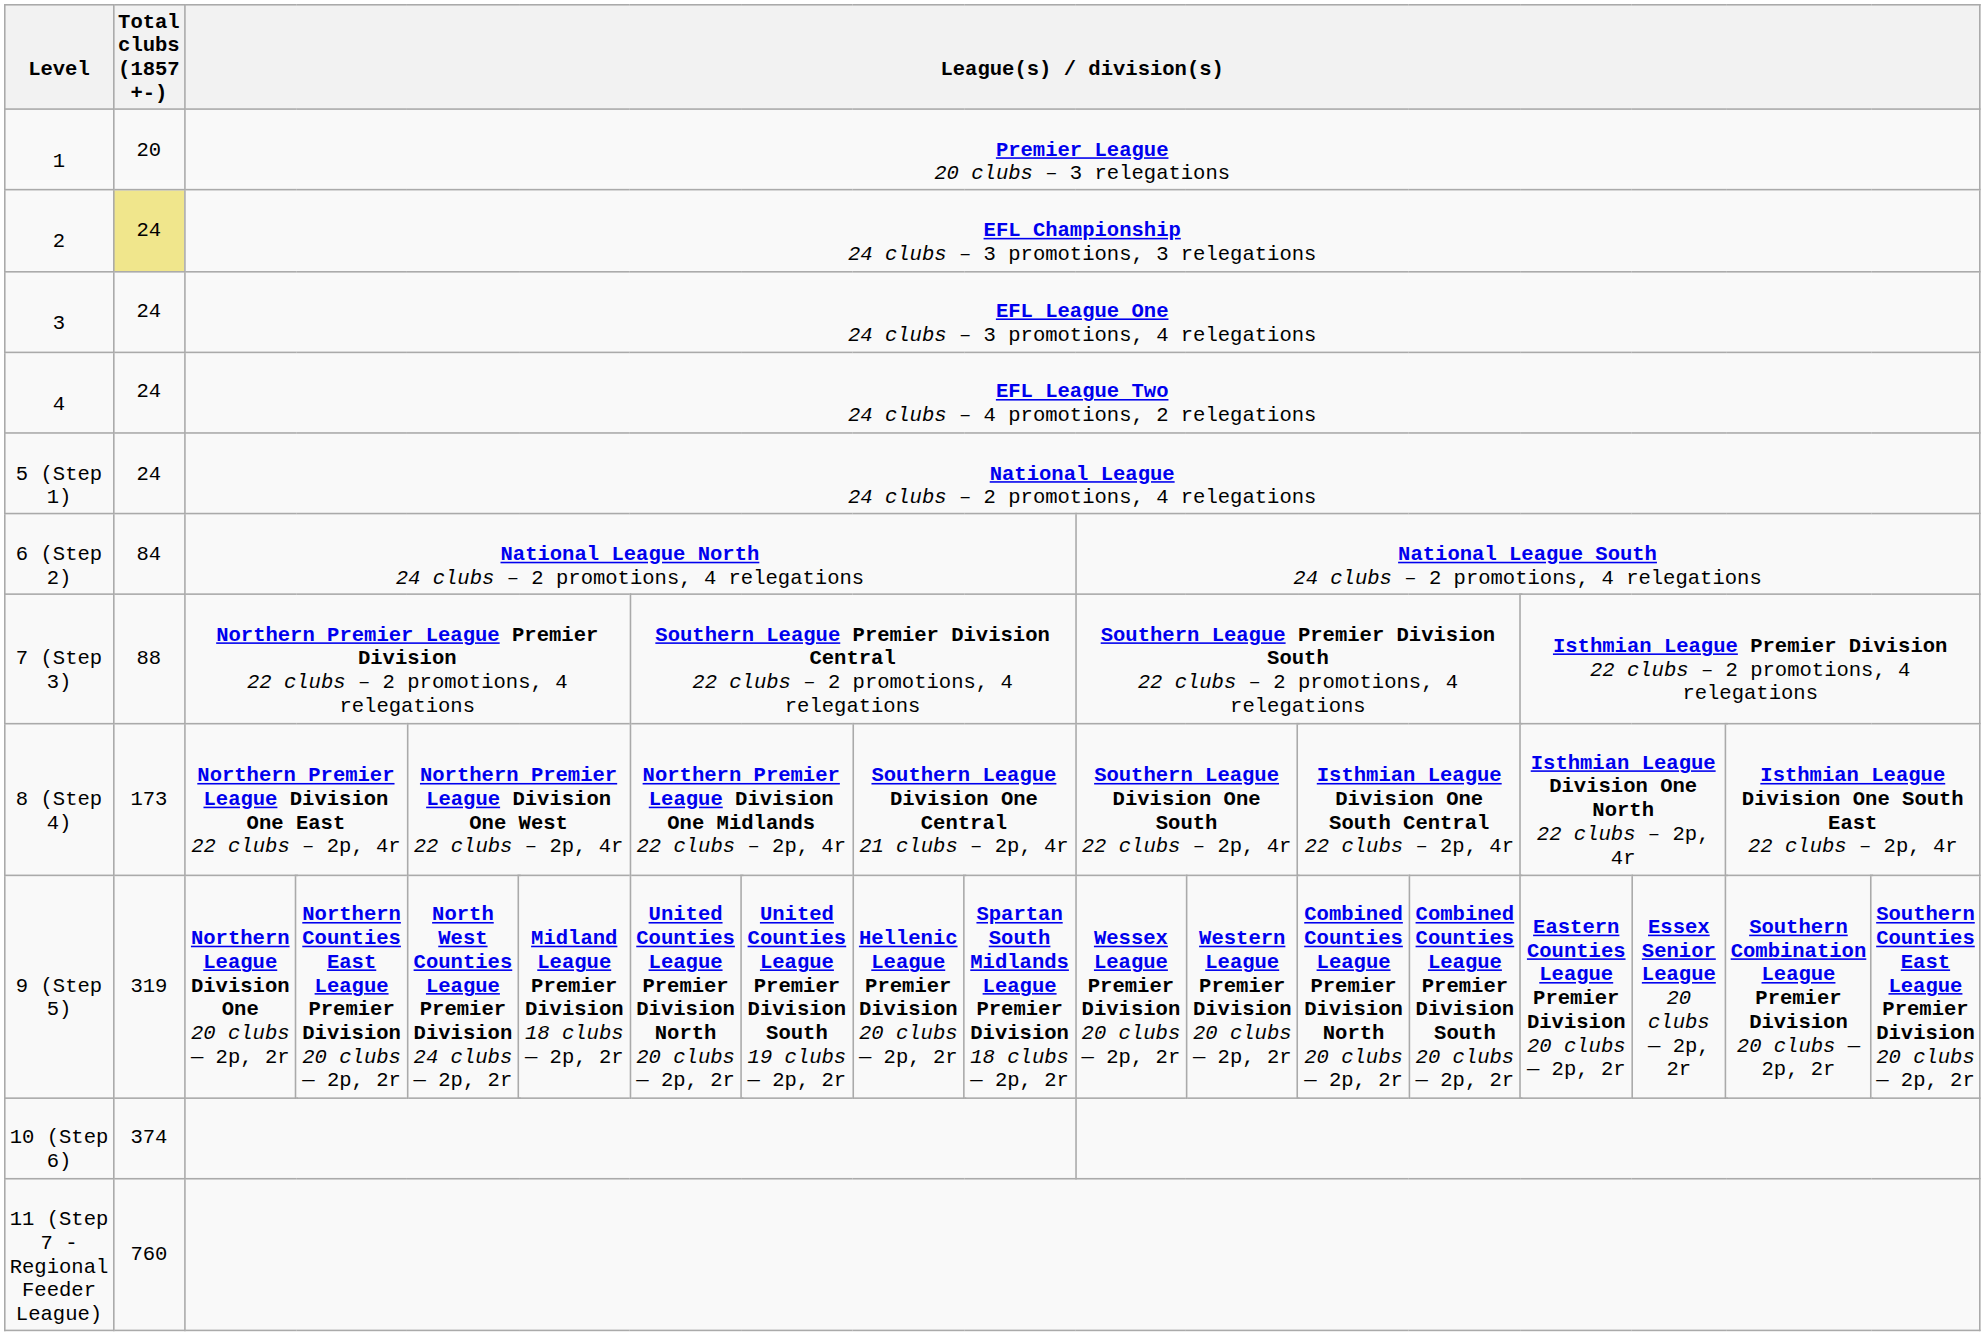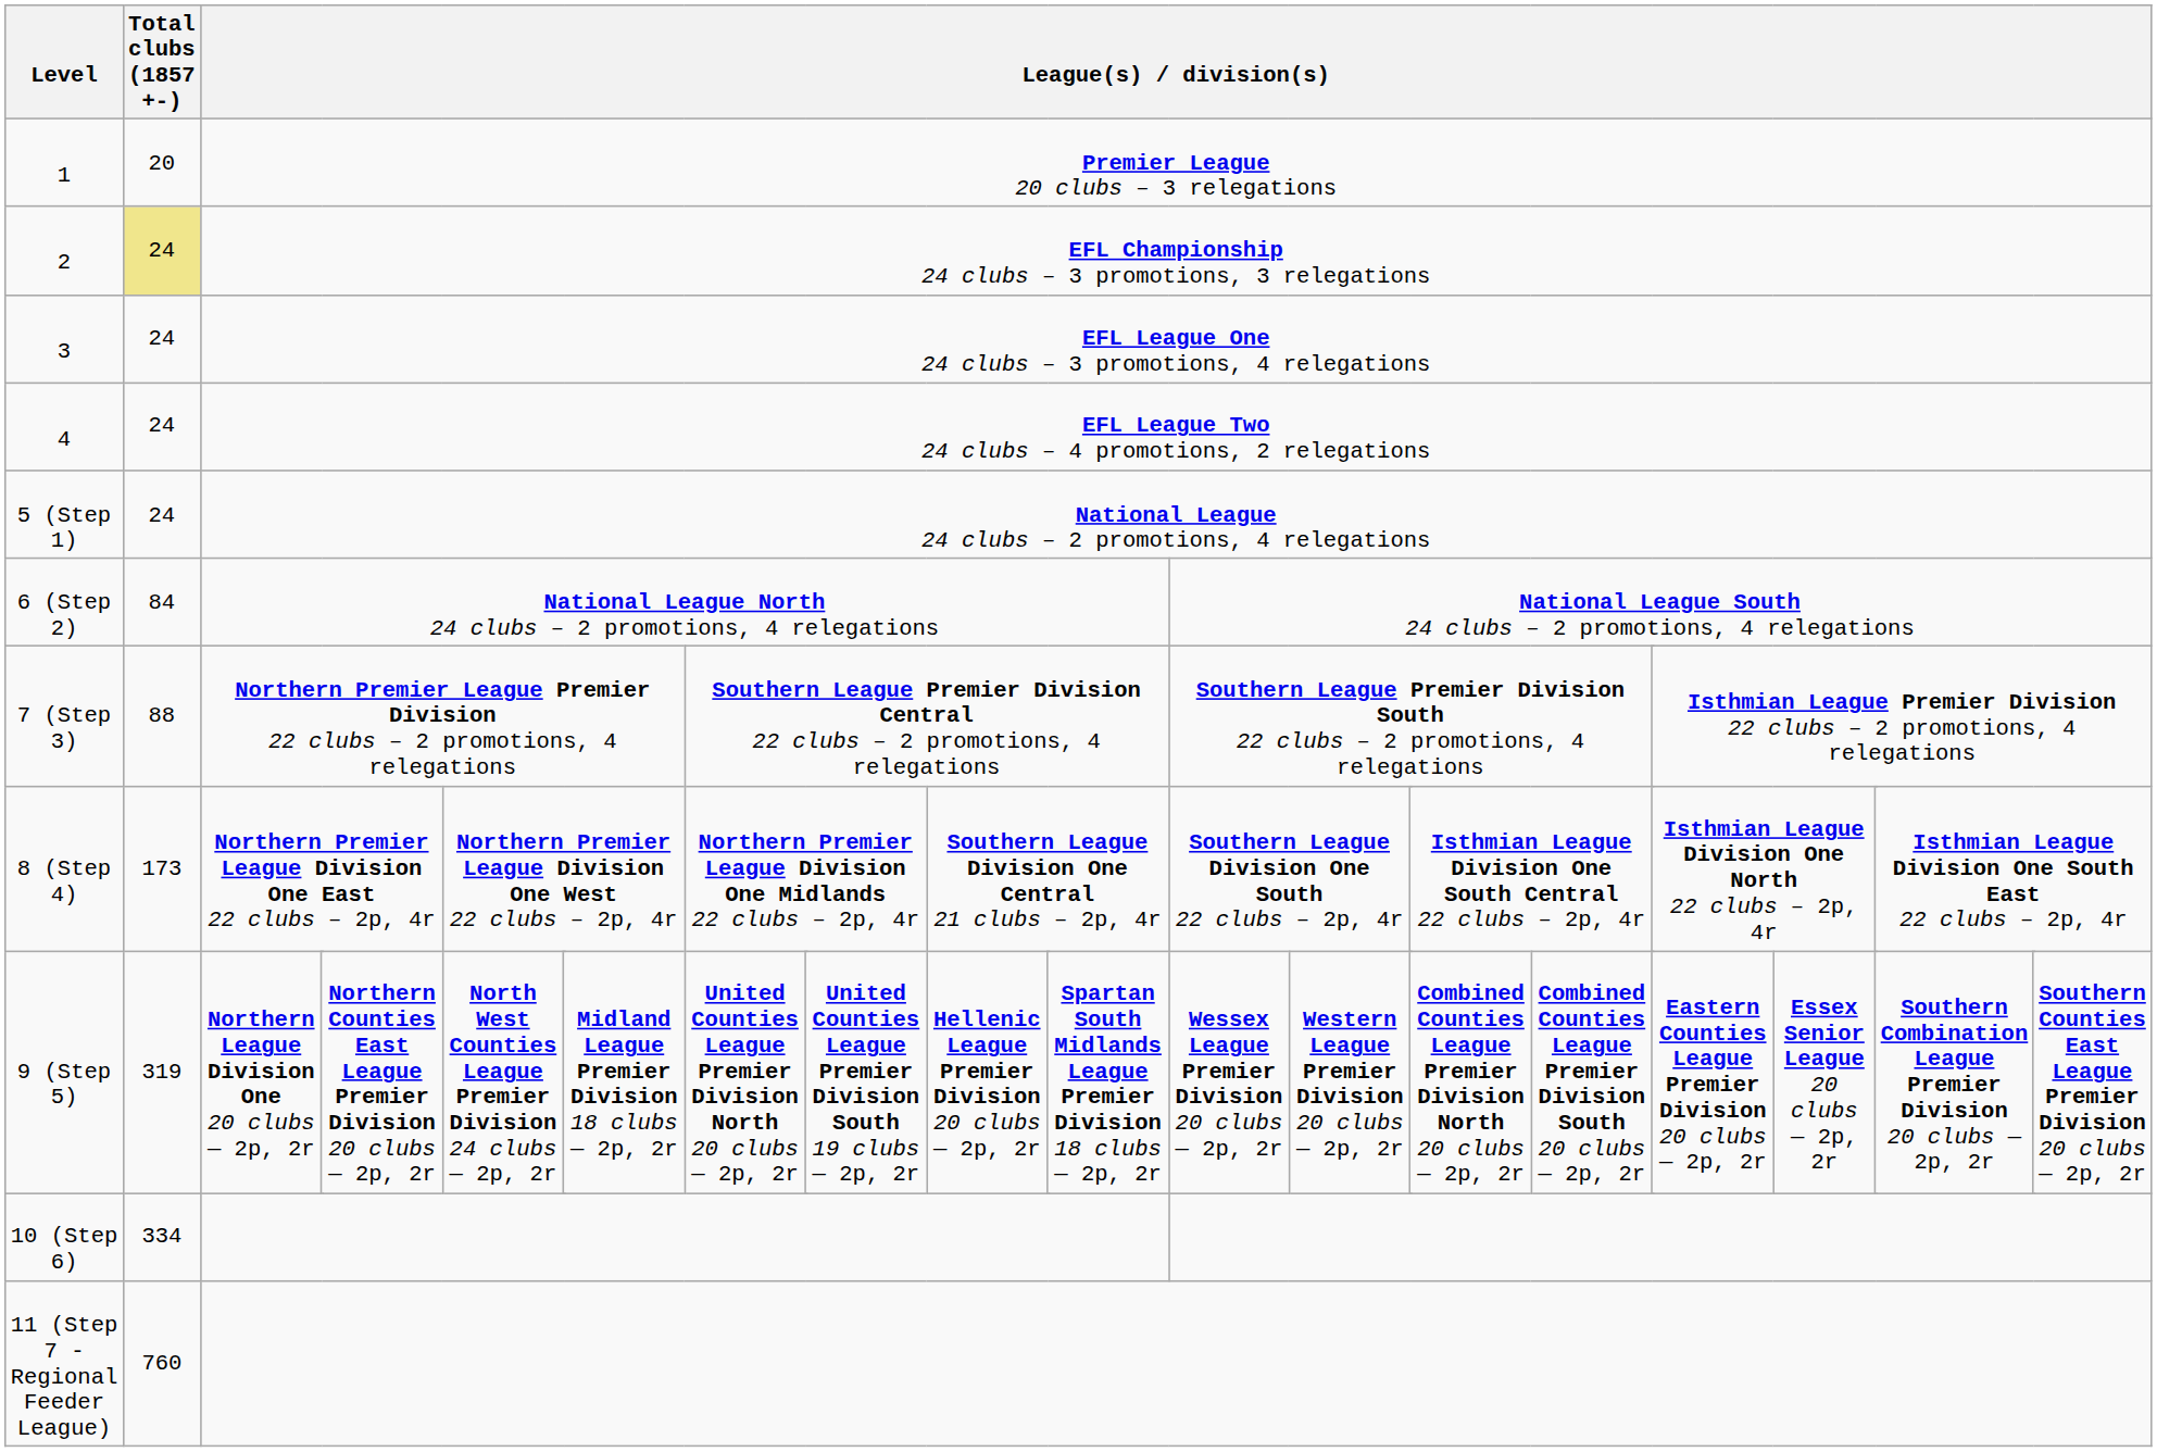 <table class="wikitable" style="text-align: center;">
 <tr>
 <th width=5%><br>Level</th>
 <th>Total clubs (1857 +-)</th>
 <th colspan="32" width=95%><br>League(s) / division(s)</th>
 </tr>
 <tr>
 <td><br>1</td>
 <td>20</td>
 <td colspan="32"><br><strong><a href='#'>Premier League</a></strong><br> <em>20 clubs</em> – 3 relegations</td>
 </tr>
 <tr>
 <td><br>2</td>
 <td style="background: khaki;">24</td>
 <td colspan="32"><br><strong><a href='#'>EFL Championship</a></strong><br> <em>24 clubs</em> – 3 promotions, 3 relegations</td>
 </tr>
 <tr>
 <td><br>3</td>
 <td>24</td>
 <td colspan="32"><br><strong><a href='#'>EFL League One</a></strong><br> <em>24 clubs</em> – 3 promotions, 4 relegations</td>
 </tr>
 <tr>
 <td><br>4</td>
 <td>24</td>
 <td colspan="32"><br><strong><a href='#'>EFL League Two</a></strong><br> <em>24 clubs</em> – 4 promotions, 2 relegations</td>
 </tr>
 <tr>
 <td><br>5 (Step 1)</td>
 <td>24</td>
 <td colspan="32"><br><strong><a href='#'>National League</a></strong><br> <em>24 clubs</em> – 2 promotions, 4 relegations</td>
 </tr>
 <tr>
 <td><br>6 (Step 2)</td>
 <td>84</td>
 <td colspan="16"><br><strong><a href='#'>National League North</a></strong><br> <em>24 clubs</em> – 2 promotions, 4 relegations</td>
 <td colspan="16"><br><strong><a href='#'>National League South</a></strong><br> <em>24 clubs</em> – 2 promotions, 4 relegations</td>
 </tr>
 <tr>
 <td><br>7 (Step 3)</td>
 <td>88</td>
 <td colspan="8" width=24%><br><strong><a href='#'>Northern Premier League</a> Premier Division</strong><br> <em>22 clubs</em> – 2 promotions, 4 relegations</td>
 <td colspan="8" width=24%><br><strong><a href='#'>Southern League</a> Premier Division Central</strong><br> <em>22 clubs</em> – 2 promotions, 4 relegations</td>
 <td colspan="8" width=24%><br><strong><a href='#'>Southern League</a> Premier Division South</strong><br> <em>22 clubs</em> – 2 promotions, 4 relegations</td>
 <td colspan="8" width=24%><br><strong><a href='#'>Isthmian League</a> Premier Division</strong><br> <em>22 clubs</em> – 2 promotions, 4 relegations</td>
 </tr>
 <tr>
 <td><br>8 (Step 4)</td>
 <td>173</td>
 <td colspan="4" width=12%><br><strong><a href='#'>Northern Premier League</a> Division One East</strong><br> <em>22 clubs</em> – 2p, 4r</td>
 <td colspan="4" width=12%><br><strong><a href='#'>Northern Premier League</a> Division One West</strong><br> <em>22 clubs</em> – 2p, 4r</td>
 <td colspan="4" width=12%><br><strong><a href='#'>Northern Premier League</a> Division One Midlands</strong><br> <em>22 clubs</em> – 2p, 4r</td>
 <td colspan="4" width=12%><br><strong><a href='#'>Southern League</a> Division One Central</strong><br> <em>21 clubs</em> – 2p, 4r</td>
 <td colspan="4" width=12%><br><strong><a href='#'>Southern League</a> Division One South</strong><br> <em>22 clubs</em> – 2p, 4r</td>
 <td colspan="4" width=12%><br><strong><a href='#'>Isthmian League</a> Division One South Central</strong><br> <em>22 clubs</em> – 2p, 4r</td>
 <td colspan="4" width=12%><br><strong><a href='#'>Isthmian League</a> Division One North</strong><br> <em>22 clubs</em> – 2p, 4r</td>
 <td colspan="4" width=12%><br><strong><a href='#'>Isthmian League</a> Division One South East</strong><br> <em>22 clubs</em> – 2p, 4r</td>
 </tr>
 <tr>
 <td><br>9 (Step 5)</td>
 <td>319</td>
 <td colspan="2" width=6%><br><strong><a href='#'>Northern League</a> Division One</strong><br><em>20 clubs</em> — 2p, 2r</td>
 <td colspan="2" width=6%><br><strong><a href='#'>Northern Counties East League</a> Premier Division</strong><br><em>20 clubs</em> — 2p, 2r</td>
 <td colspan="2" width=6%><br><strong><a href='#'>North West Counties League</a> Premier Division</strong><br><em>24 clubs</em> — 2p, 2r</td>
 <td colspan="2" width=6%><br><strong><a href='#'>Midland League</a> Premier Division</strong><br><em>18 clubs</em> — 2p, 2r</td>
 <td colspan="2" width=6%><br><strong><a href='#'>United Counties League</a> Premier Division North</strong><br><em>20 clubs</em> — 2p, 2r</td>
 <td colspan="2" width=6%><br><strong><a href='#'>United Counties League</a> Premier Division South</strong><br><em>19 clubs</em> — 2p, 2r</td>
 <td colspan="2" width=6%><br><strong><a href='#'>Hellenic League</a> Premier Division</strong><br><em>20 clubs</em> — 2p, 2r</td>
 <td colspan="2" width=6%><br><strong><a href='#'>Spartan South Midlands League</a> Premier Division</strong><br><em>18 clubs</em> — 2p, 2r</td>
 <td colspan="2" width=6%><br><strong><a href='#'>Wessex League</a> Premier Division</strong><br><em>20 clubs</em> — 2p, 2r</td>
 <td colspan="2" width=6%><br><strong><a href='#'>Western League</a> Premier Division</strong><br><em>20 clubs</em> — 2p, 2r</td>
 <td colspan="2" width=6%><br><strong><a href='#'>Combined Counties League</a> Premier Division North</strong><br><em>20 clubs</em> — 2p, 2r</td>
 <td colspan="2" width=6%><br><strong><a href='#'>Combined Counties League</a> Premier Division South</strong><br><em>20 clubs</em> — 2p, 2r</td>
 <td colspan="2" width=6%><br><strong><a href='#'>Eastern Counties League</a> Premier Division</strong><br><em>20 clubs</em> — 2p, 2r</td>
 <td colspan="2" width=6%><br><strong><a href='#'>Essex Senior League</a></strong><br><em>20 clubs</em> — 2p, 2r</td>
 <td colspan="2" width=6%><br><strong><a href='#'>Southern Combination League</a> Premier Division</strong><br><em>20 clubs</em> — 2p, 2r</td>
 <td colspan="2" width=6%><br><strong><a href='#'>Southern Counties East League</a> Premier Division</strong><br><em>20 clubs</em> — 2p, 2r</td>
 </tr>
 <tr>
 <td><br>10 (Step 6)</td>
-<td>374</td>
+<td>334</td>
 <td colspan="16"></td>
 <td colspan="16"></td>
 </tr>
 <tr>
 <td><br>11 (Step 7 - Regional Feeder League)</td>
 <td>760</td>
 <td colspan="32"></td>
 </tr>
 </table>
